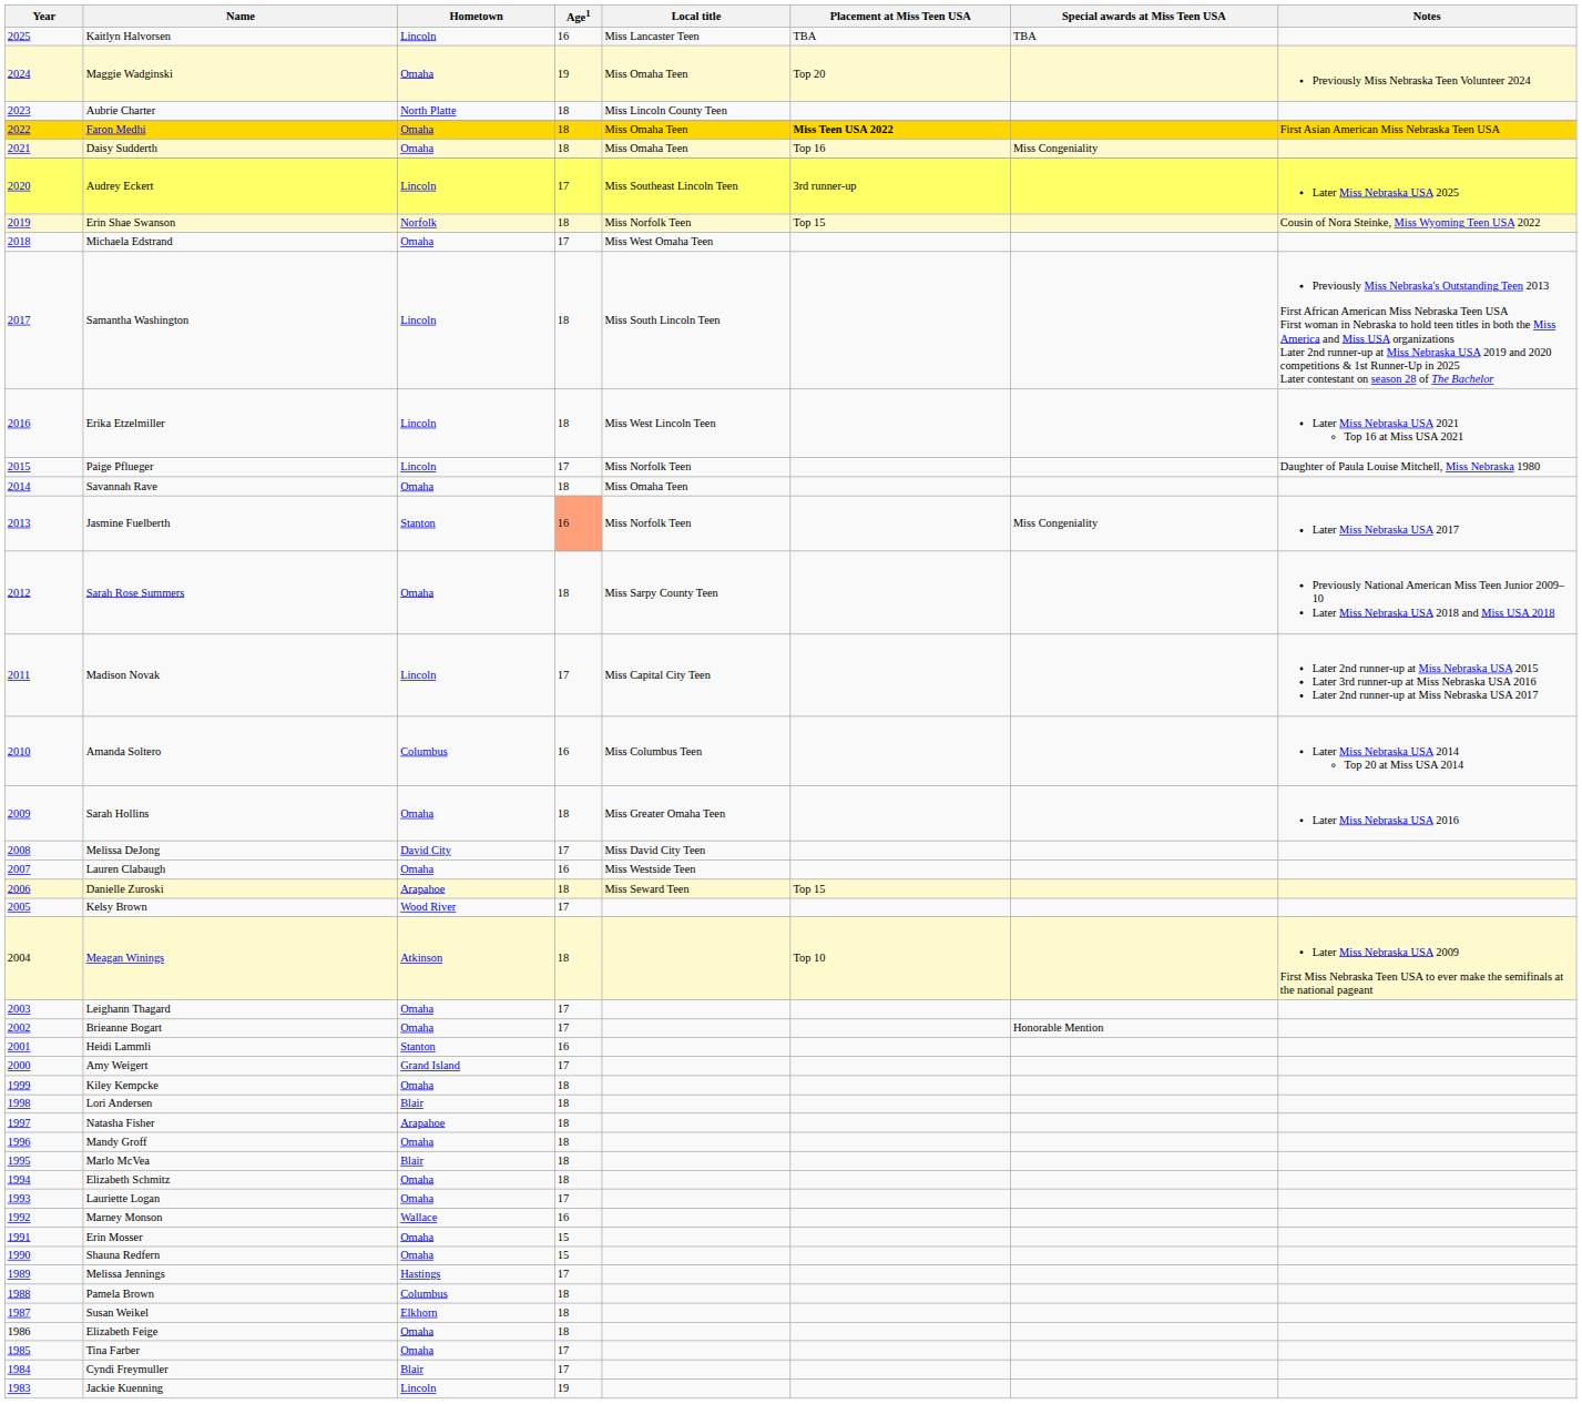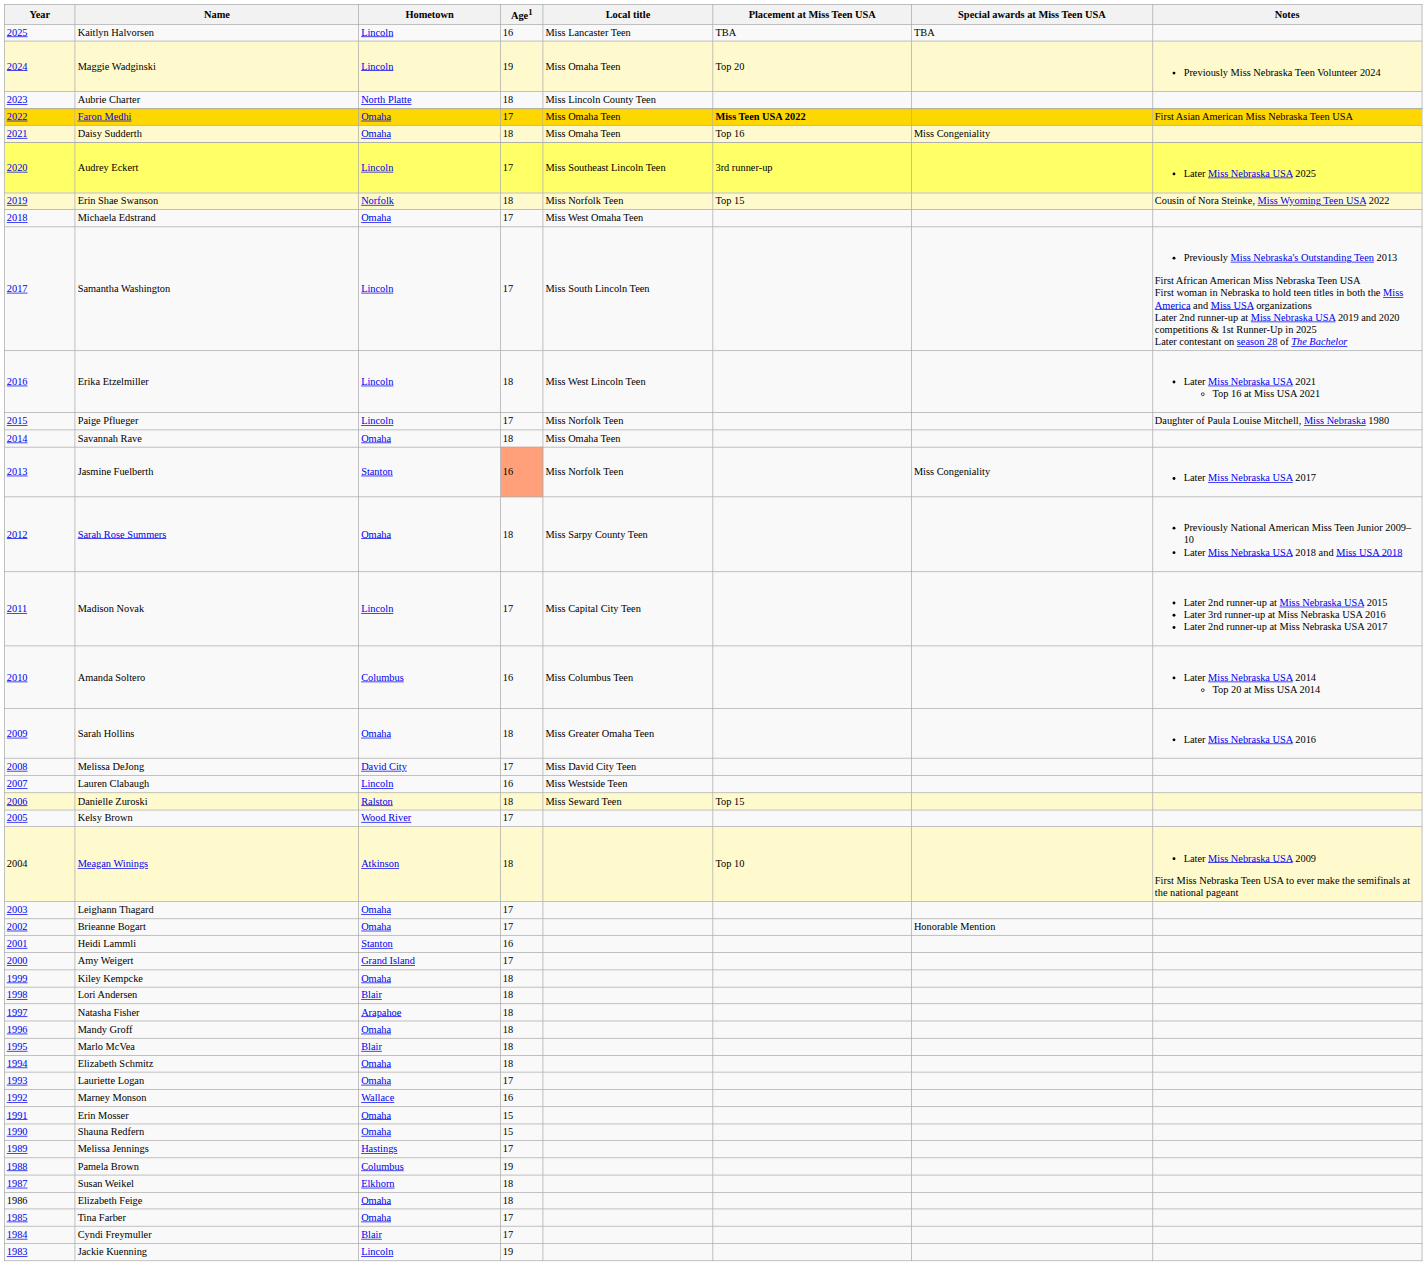 <table class="wikitable"style="font-size:90%;">
 <tr bgcolor="#efefef">
 <th width=5%>Year</th>
 <th width=20%>Name</th>
 <th width=10%>Hometown</th>
 <th width=3%>Age<sup>1</sup></th>
 <th width=12%>Local title</th>
 <th width=14%>Placement at Miss Teen USA</th>
 <th width=17%>Special awards at Miss Teen  USA</th>
 <th width=31%>Notes</th>
 </tr>
 <tr>
 <td><a href='#'>2025</a></td>
 <td>Kaitlyn Halvorsen</td>
 <td><a href='#'>Lincoln</a></td>
 <td>16</td>
 <td>Miss Lancaster Teen</td>
 <td>TBA</td>
 <td>TBA</td>
 <td></td>
 </tr>
 <tr style="background-color:#FFFACD;”">
 <td><a href='#'>2024</a></td>
 <td>Maggie Wadginski</td>
-<td><a href='#'>Omaha</a></td>
+<td><a href='#'>Lincoln</a></td>
 <td>19</td>
 <td>Miss Omaha Teen</td>
 <td>Top 20</td>
 <td></td>
 <td><br><ul><li>Previously Miss Nebraska Teen Volunteer 2024</li></ul></td>
 </tr>
 <tr>
 <td><a href='#'>2023</a></td>
 <td>Aubrie Charter</td>
 <td><a href='#'>North Platte</a></td>
 <td>18</td>
 <td>Miss Lincoln County Teen</td>
 <td></td>
 <td></td>
 <td></td>
 </tr>
 <tr>
 </tr>
 <tr style="background-color:gold;">
 <td><a href='#'>2022</a></td>
 <td><a href='#'>Faron Medhi</a></td>
 <td><a href='#'>Omaha</a></td>
-<td>18</td>
+<td>17</td>
 <td>Miss Omaha Teen</td>
 <td><strong>Miss Teen USA 2022</strong></td>
 <td></td>
 <td>First Asian American Miss Nebraska Teen USA</td>
 </tr>
 <tr style="background-color:#FFFACD">
 <td><a href='#'>2021</a></td>
 <td>Daisy Sudderth</td>
 <td><a href='#'>Omaha</a></td>
 <td>18</td>
 <td>Miss Omaha Teen</td>
 <td>Top 16</td>
 <td>Miss Congeniality</td>
 <td></td>
 </tr>
 <tr>
 </tr>
 <tr style="background-color:#FFFF66;">
 <td><a href='#'>2020</a></td>
 <td>Audrey Eckert</td>
 <td><a href='#'>Lincoln</a></td>
 <td>17</td>
 <td>Miss Southeast Lincoln Teen</td>
 <td>3rd runner-up</td>
 <td></td>
 <td><br><ul><li>Later <a href='#'>Miss Nebraska USA</a> 2025</li></ul></td>
 </tr>
 <tr style="background-color:#FFFACD;">
 <td><a href='#'>2019</a></td>
 <td>Erin Shae Swanson</td>
 <td><a href='#'>Norfolk</a></td>
 <td>18</td>
 <td>Miss Norfolk Teen</td>
 <td>Top 15</td>
 <td></td>
 <td>Cousin of Nora Steinke, <a href='#'>Miss Wyoming Teen USA</a> 2022</td>
 </tr>
 <tr>
 <td><a href='#'>2018</a></td>
 <td>Michaela Edstrand</td>
 <td><a href='#'>Omaha</a></td>
 <td>17</td>
 <td>Miss West Omaha Teen</td>
 <td></td>
 <td></td>
 <td></td>
 </tr>
 <tr>
 <td><a href='#'>2017</a></td>
 <td>Samantha Washington</td>
 <td><a href='#'>Lincoln</a></td>
-<td>18</td>
+<td>17</td>
 <td>Miss South Lincoln Teen</td>
 <td></td>
 <td></td>
 <td><br><ul><li>Previously <a href='#'>Miss Nebraska's Outstanding Teen</a> 2013</li></ul>First African American Miss Nebraska Teen USA<br>First woman in Nebraska to hold teen titles in both the <a href='#'>Miss America</a> and <a href='#'>Miss USA</a> organizations<br>Later 2nd runner-up at <a href='#'>Miss Nebraska USA</a> 2019 and 2020 competitions & 1st Runner-Up in 2025<br>Later contestant on <a href='#'>season 28</a> of <a href='#'><em>The Bachelor</em></a></td>
 </tr>
 <tr>
 <td><a href='#'>2016</a></td>
 <td>Erika Etzelmiller</td>
 <td><a href='#'>Lincoln</a></td>
 <td>18</td>
 <td>Miss West Lincoln Teen</td>
 <td></td>
 <td></td>
 <td><br><ul><li>Later <a href='#'>Miss Nebraska USA</a> 2021<ul><li>Top 16 at Miss USA 2021</li></ul></li></ul></td>
 </tr>
 <tr>
 <td><a href='#'>2015</a></td>
 <td>Paige Pflueger</td>
 <td><a href='#'>Lincoln</a></td>
 <td>17</td>
 <td>Miss Norfolk Teen</td>
 <td></td>
 <td></td>
 <td>Daughter of Paula Louise Mitchell, <a href='#'>Miss Nebraska</a> 1980</td>
 </tr>
 <tr>
 <td><a href='#'>2014</a></td>
 <td>Savannah Rave</td>
 <td><a href='#'>Omaha</a></td>
 <td>18</td>
 <td>Miss Omaha Teen</td>
 <td></td>
 <td></td>
 <td></td>
 </tr>
 <tr>
 <td><a href='#'>2013</a></td>
 <td>Jasmine Fuelberth</td>
 <td><a href='#'>Stanton</a></td>
 <td style="background: lightsalmon;">16</td>
 <td>Miss Norfolk Teen</td>
 <td></td>
 <td>Miss Congeniality</td>
 <td><br><ul><li>Later <a href='#'>Miss Nebraska USA</a> 2017</li></ul></td>
 </tr>
 <tr>
 <td><a href='#'>2012</a></td>
 <td><a href='#'>Sarah Rose Summers</a></td>
 <td><a href='#'>Omaha</a></td>
 <td>18</td>
 <td>Miss Sarpy County Teen</td>
 <td></td>
 <td></td>
 <td><br><ul><li>Previously National American Miss Teen Junior 2009–10</li><li>Later <a href='#'>Miss Nebraska USA</a> 2018 and <a href='#'>Miss USA 2018</a></li></ul></td>
 </tr>
 <tr>
 <td><a href='#'>2011</a></td>
 <td>Madison Novak</td>
 <td><a href='#'>Lincoln</a></td>
 <td>17</td>
 <td>Miss Capital City Teen</td>
 <td></td>
 <td></td>
 <td><br><ul><li>Later 2nd runner-up at <a href='#'>Miss Nebraska USA</a> 2015</li><li>Later 3rd runner-up at Miss Nebraska USA 2016</li><li>Later 2nd runner-up at Miss Nebraska USA 2017</li></ul></td>
 </tr>
 <tr>
 <td><a href='#'>2010</a></td>
 <td>Amanda Soltero</td>
 <td><a href='#'>Columbus</a></td>
 <td>16</td>
 <td>Miss Columbus Teen</td>
 <td></td>
 <td></td>
 <td><br><ul><li>Later <a href='#'>Miss Nebraska USA</a> 2014<ul><li>Top 20 at Miss USA 2014</li></ul></li></ul></td>
 </tr>
 <tr>
 <td><a href='#'>2009</a></td>
 <td>Sarah Hollins</td>
 <td><a href='#'>Omaha</a></td>
 <td>18</td>
 <td>Miss Greater Omaha Teen</td>
 <td></td>
 <td></td>
 <td><br><ul><li>Later <a href='#'>Miss Nebraska USA</a> 2016</li></ul></td>
 </tr>
 <tr>
 <td><a href='#'>2008</a></td>
 <td>Melissa DeJong</td>
 <td><a href='#'>David City</a></td>
 <td>17</td>
 <td>Miss David City Teen</td>
 <td></td>
 <td></td>
 <td></td>
 </tr>
 <tr>
 <td><a href='#'>2007</a></td>
 <td>Lauren Clabaugh</td>
-<td><a href='#'>Omaha</a></td>
+<td><a href='#'>Lincoln</a></td>
 <td>16</td>
 <td>Miss Westside Teen</td>
 <td></td>
 <td></td>
 <td></td>
 </tr>
 <tr style="background-color:#FFFACD;”">
 <td><a href='#'>2006</a></td>
 <td>Danielle Zuroski</td>
-<td><a href='#'>Arapahoe</a></td>
+<td><a href='#'>Ralston</a></td>
 <td>18</td>
 <td>Miss Seward Teen</td>
 <td>Top 15</td>
 <td></td>
 <td></td>
 </tr>
 <tr>
 <td><a href='#'>2005</a></td>
 <td>Kelsy Brown</td>
 <td><a href='#'>Wood River</a></td>
 <td>17</td>
 <td></td>
 <td></td>
 <td></td>
 <td></td>
 </tr>
 <tr style="background-color:#FFFACD;”">
 <td>2004</td>
 <td><a href='#'>Meagan Winings</a></td>
 <td><a href='#'>Atkinson</a></td>
 <td>18</td>
 <td></td>
 <td>Top 10</td>
 <td></td>
 <td><br><ul><li>Later <a href='#'>Miss Nebraska USA</a> 2009</li></ul>First Miss Nebraska Teen USA to ever make the semifinals at the national pageant</td>
 </tr>
 <tr>
 <td><a href='#'>2003</a></td>
 <td>Leighann Thagard</td>
 <td><a href='#'>Omaha</a></td>
 <td>17</td>
 <td></td>
 <td></td>
 <td></td>
 <td></td>
 </tr>
 <tr>
 <td><a href='#'>2002</a></td>
 <td>Brieanne Bogart</td>
 <td><a href='#'>Omaha</a></td>
 <td>17</td>
 <td></td>
 <td></td>
 <td>Honorable Mention</td>
 <td></td>
 </tr>
 <tr>
 <td><a href='#'>2001</a></td>
 <td>Heidi Lammli</td>
 <td><a href='#'>Stanton</a></td>
 <td>16</td>
 <td></td>
 <td></td>
 <td></td>
 <td></td>
 </tr>
 <tr>
 <td><a href='#'>2000</a></td>
 <td>Amy Weigert</td>
 <td><a href='#'>Grand Island</a></td>
 <td>17</td>
 <td></td>
 <td></td>
 <td></td>
 <td></td>
 </tr>
 <tr>
 <td><a href='#'>1999</a></td>
 <td>Kiley Kempcke</td>
 <td><a href='#'>Omaha</a></td>
 <td>18</td>
 <td></td>
 <td></td>
 <td></td>
 <td></td>
 </tr>
 <tr>
 <td><a href='#'>1998</a></td>
 <td>Lori Andersen</td>
 <td><a href='#'>Blair</a></td>
 <td>18</td>
 <td></td>
 <td></td>
 <td></td>
 <td></td>
 </tr>
 <tr>
 <td><a href='#'>1997</a></td>
 <td>Natasha Fisher</td>
 <td><a href='#'>Arapahoe</a></td>
 <td>18</td>
 <td></td>
 <td></td>
 <td></td>
 <td></td>
 </tr>
 <tr>
 <td><a href='#'>1996</a></td>
 <td>Mandy Groff</td>
 <td><a href='#'>Omaha</a></td>
 <td>18</td>
 <td></td>
 <td></td>
 <td></td>
 <td></td>
 </tr>
 <tr>
 <td><a href='#'>1995</a></td>
 <td>Marlo McVea</td>
 <td><a href='#'>Blair</a></td>
 <td>18</td>
 <td></td>
 <td></td>
 <td></td>
 <td></td>
 </tr>
 <tr>
 <td><a href='#'>1994</a></td>
 <td>Elizabeth Schmitz</td>
 <td><a href='#'>Omaha</a></td>
 <td>18</td>
 <td></td>
 <td></td>
 <td></td>
 <td></td>
 </tr>
 <tr>
 <td><a href='#'>1993</a></td>
 <td>Lauriette Logan</td>
 <td><a href='#'>Omaha</a></td>
 <td>17</td>
 <td></td>
 <td></td>
 <td></td>
 <td></td>
 </tr>
 <tr>
 <td><a href='#'>1992</a></td>
 <td>Marney Monson</td>
 <td><a href='#'>Wallace</a></td>
 <td>16</td>
 <td></td>
 <td></td>
 <td></td>
 <td></td>
 </tr>
 <tr>
 <td><a href='#'>1991</a></td>
 <td>Erin Mosser</td>
 <td><a href='#'>Omaha</a></td>
 <td>15</td>
 <td></td>
 <td></td>
 <td></td>
 <td></td>
 </tr>
 <tr>
 <td><a href='#'>1990</a></td>
 <td>Shauna Redfern</td>
 <td><a href='#'>Omaha</a></td>
 <td>15</td>
 <td></td>
 <td></td>
 <td></td>
 <td></td>
 </tr>
 <tr>
 <td><a href='#'>1989</a></td>
 <td>Melissa Jennings</td>
 <td><a href='#'>Hastings</a></td>
 <td>17</td>
 <td></td>
 <td></td>
 <td></td>
 <td></td>
 </tr>
 <tr>
 <td><a href='#'>1988</a></td>
 <td>Pamela Brown</td>
 <td><a href='#'>Columbus</a></td>
-<td>18</td>
+<td>19</td>
 <td></td>
 <td></td>
 <td></td>
 <td></td>
 </tr>
 <tr>
 <td><a href='#'>1987</a></td>
 <td>Susan Weikel</td>
 <td><a href='#'>Elkhorn</a></td>
 <td>18</td>
 <td></td>
 <td></td>
 <td></td>
 <td></td>
 </tr>
 <tr>
 <td>1986</td>
 <td>Elizabeth Feige</td>
 <td><a href='#'>Omaha</a></td>
 <td>18</td>
 <td></td>
 <td></td>
 <td></td>
 <td></td>
 </tr>
 <tr>
 <td><a href='#'>1985</a></td>
 <td>Tina Farber</td>
 <td><a href='#'>Omaha</a></td>
 <td>17</td>
 <td></td>
 <td></td>
 <td></td>
 <td></td>
 </tr>
 <tr>
 <td><a href='#'>1984</a></td>
 <td>Cyndi Freymuller</td>
 <td><a href='#'>Blair</a></td>
 <td>17</td>
 <td></td>
 <td></td>
 <td></td>
 <td></td>
 </tr>
 <tr>
 <td><a href='#'>1983</a></td>
 <td>Jackie Kuenning</td>
 <td><a href='#'>Lincoln</a></td>
 <td>19</td>
 <td></td>
 <td></td>
 <td></td>
 <td></td>
 </tr>
 </table>
